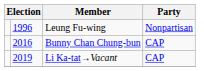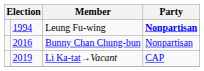 <table class="wikitable">
 <tr>
 <th colspan="2">Election</th>
 <th>Member</th>
 <th>Party</th>
 </tr>
 <tr>
 <td style="background-color:"></td>
-<td><a href='#'>1996</a></td>
+<td><a href='#'>1994</a></td>
 <td>Leung Fu-wing</td>
-<td><a href='#'>Nonpartisan</a></td>
+<td><strong><a href='#'>Nonpartisan</a></strong></td>
 </tr>
 <tr>
 <td style="background-color:"></td>
 <td><a href='#'>2016</a></td>
 <td><a href='#'>Bunny Chan Chung-bun</a></td>
-<td><a href='#'>CAP</a></td>
+<td><a href='#'>Nonpartisan</a></td>
 </tr>
 <tr>
 <td style="background-color:"></td>
 <td><a href='#'>2019</a></td>
 <td><a href='#'>Li Ka-tat</a>→<em>Vacant</em></td>
 <td><a href='#'>CAP</a></td>
 </tr>
 <tr>
 </tr>
 </table>
